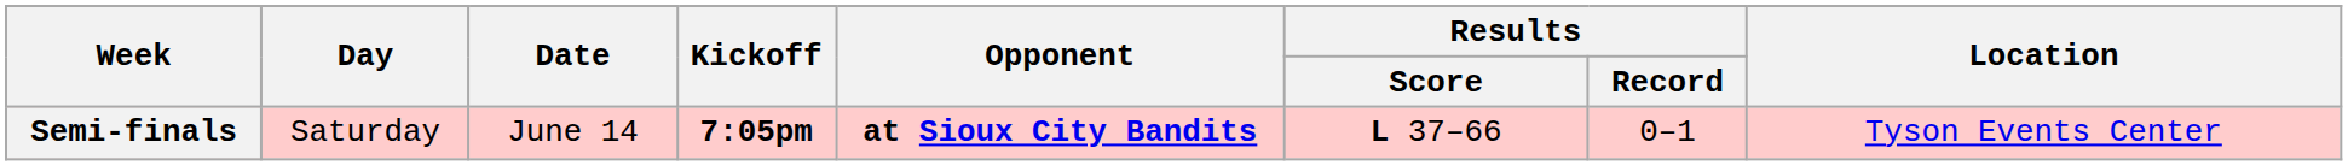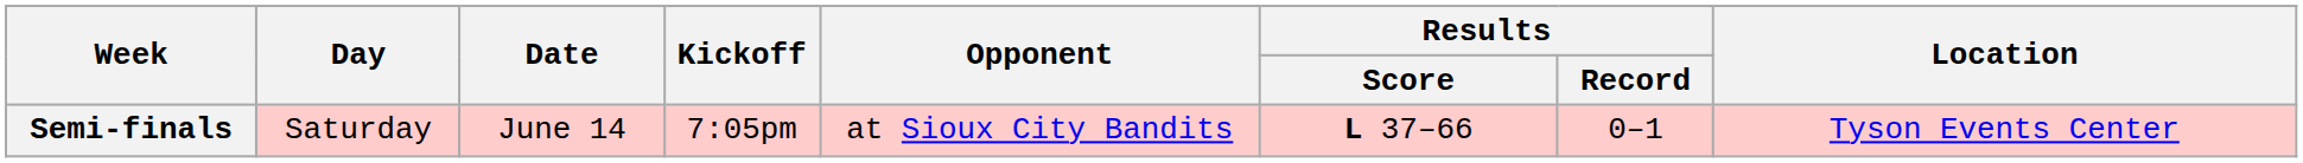 <table class="wikitable">
 <tr>
 <th rowspan="2" width="100">Week</th>
 <th rowspan="2" width="80">Day</th>
 <th rowspan="2" width="80">Date</th>
 <th rowspan="2" width="60">Kickoff</th>
 <th rowspan="2" width="180">Opponent</th>
 <th colspan="2" width="180">Results</th>
 <th rowspan="2" width="240">Location</th>
 </tr>
 <tr>
 <th width="120">Score</th>
 <th width="60">Record</th>
 </tr>
 <tr align="center" bgcolor="#FFCCCC">
 <th>Semi-finals</th>
 <td>Saturday</td>
 <td>June 14</td>
-<td><strong>7:05pm</strong></td>
-<td><strong>at <a href='#'>Sioux City Bandits</a></strong></td>
+<td>7:05pm</td>
+<td>at <a href='#'>Sioux City Bandits</a></td>
 <td><strong>L</strong> 37–66</td>
 <td>0–1</td>
 <td><a href='#'>Tyson Events Center</a></td>
 </tr>
 </table>
